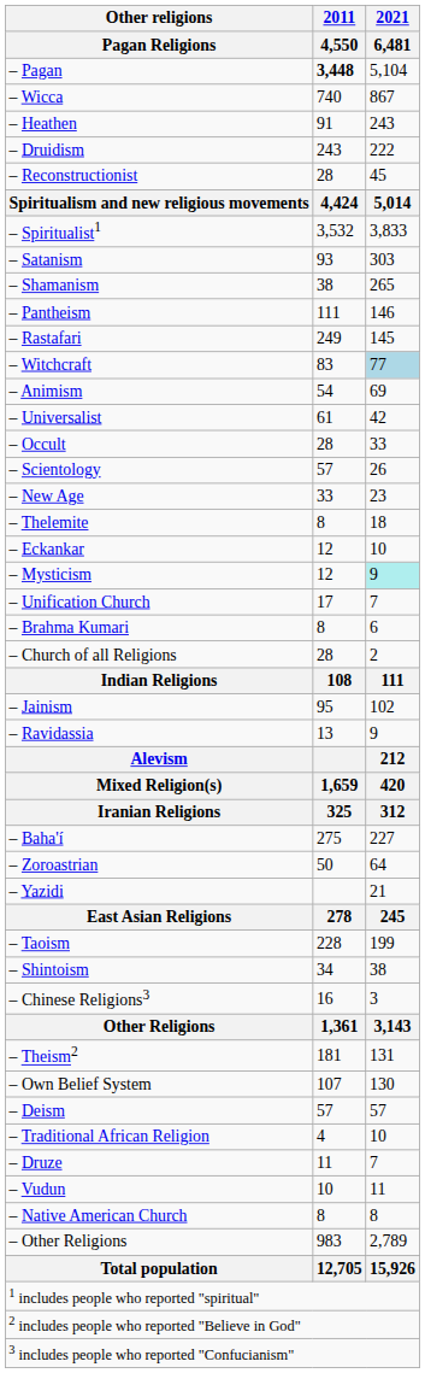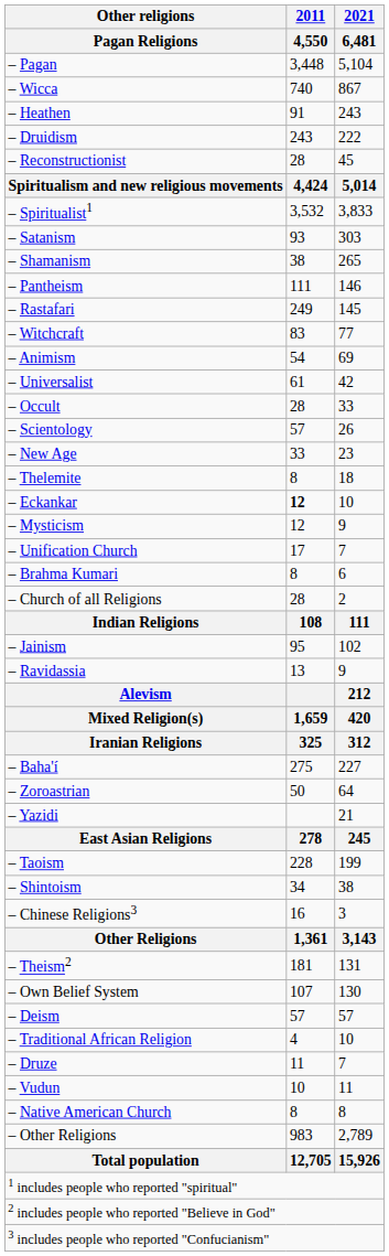 <table class="wikitable">
 <tr>
 <th>Other religions</th>
 <th><a href='#'>2011</a></th>
 <th><a href='#'>2021</a></th>
 </tr>
 <tr>
 <th align=left>Pagan Religions</th>
 <th>4,550</th>
 <th>6,481</th>
 </tr>
 <tr>
 <td align=left>– <a href='#'>Pagan</a></td>
-<td><strong>3,448</strong></td>
+<td>3,448</td>
 <td>5,104</td>
 </tr>
 <tr>
 <td align=left>– <a href='#'>Wicca</a></td>
 <td>740</td>
 <td>867</td>
 </tr>
 <tr>
 <td align=left>– <a href='#'>Heathen</a></td>
 <td>91</td>
 <td>243</td>
 </tr>
 <tr>
 <td align=left>– <a href='#'>Druidism</a></td>
 <td>243</td>
 <td>222</td>
 </tr>
 <tr>
 <td align=left>– <a href='#'>Reconstructionist</a></td>
 <td>28</td>
 <td>45</td>
 </tr>
 <tr>
 <th align=left>Spiritualism and new religious movements</th>
 <th>4,424</th>
 <th>5,014</th>
 </tr>
 <tr>
 <td align=left>– <a href='#'>Spiritualist</a><sup>1</sup></td>
 <td>3,532</td>
 <td>3,833</td>
 </tr>
 <tr>
 <td align=left>– <a href='#'>Satanism</a></td>
 <td>93</td>
 <td>303</td>
 </tr>
 <tr>
 <td align=left>– <a href='#'>Shamanism</a></td>
 <td>38</td>
 <td>265</td>
 </tr>
 <tr>
 <td align=left>– <a href='#'>Pantheism</a></td>
 <td>111</td>
 <td>146</td>
 </tr>
 <tr>
 <td align=left>– <a href='#'>Rastafari</a></td>
 <td>249</td>
 <td>145</td>
 </tr>
 <tr>
 <td align=left>– <a href='#'>Witchcraft</a></td>
 <td>83</td>
-<td style="background: lightblue;">77</td>
+<td>77</td>
 </tr>
 <tr>
 <td align=left>– <a href='#'>Animism</a></td>
 <td>54</td>
 <td>69</td>
 </tr>
 <tr>
 <td align=left>– <a href='#'>Universalist</a></td>
 <td>61</td>
 <td>42</td>
 </tr>
 <tr>
 <td align=left>– <a href='#'>Occult</a></td>
 <td>28</td>
 <td>33</td>
 </tr>
 <tr>
 <td align=left>– <a href='#'>Scientology</a></td>
 <td>57</td>
 <td>26</td>
 </tr>
 <tr>
 <td align=left>– <a href='#'>New Age</a></td>
 <td>33</td>
 <td>23</td>
 </tr>
 <tr>
 <td align=left>– <a href='#'>Thelemite</a></td>
 <td>8</td>
 <td>18</td>
 </tr>
 <tr>
 <td align=left>– <a href='#'>Eckankar</a></td>
-<td>12</td>
+<td><strong>12</strong></td>
 <td>10</td>
 </tr>
 <tr>
 <td align=left>– <a href='#'>Mysticism</a></td>
 <td>12</td>
-<td style="background: paleturquoise;">9</td>
+<td>9</td>
 </tr>
 <tr>
 <td align=left>– <a href='#'>Unification Church</a></td>
 <td>17</td>
 <td>7</td>
 </tr>
 <tr>
 <td align=left>– <a href='#'>Brahma Kumari</a></td>
 <td>8</td>
 <td>6</td>
 </tr>
 <tr>
 <td align=left>– Church of all Religions</td>
 <td>28</td>
 <td>2</td>
 </tr>
 <tr>
 <th align=left>Indian Religions</th>
 <th>108</th>
 <th>111</th>
 </tr>
 <tr>
 <td align=left>– <a href='#'>Jainism</a></td>
 <td>95</td>
 <td>102</td>
 </tr>
 <tr>
 <td align=left>– <a href='#'>Ravidassia</a></td>
 <td>13</td>
 <td>9</td>
 </tr>
 <tr>
 <th align=left><a href='#'>Alevism</a></th>
 <th></th>
 <th>212</th>
 </tr>
 <tr>
 <th align=left>Mixed Religion(s)</th>
 <th>1,659</th>
 <th>420</th>
 </tr>
 <tr>
 <th align=left>Iranian Religions</th>
 <th>325</th>
 <th>312</th>
 </tr>
 <tr>
 <td align=left>– <a href='#'>Baha'í</a></td>
 <td>275</td>
 <td>227</td>
 </tr>
 <tr>
 <td align=left>– <a href='#'>Zoroastrian</a></td>
 <td>50</td>
 <td>64</td>
 </tr>
 <tr>
 <td align=left>– <a href='#'>Yazidi</a></td>
 <td></td>
 <td>21</td>
 </tr>
 <tr>
 <th align=left>East Asian Religions</th>
 <th>278</th>
 <th>245</th>
 </tr>
 <tr>
 <td align=left>– <a href='#'>Taoism</a></td>
 <td>228</td>
 <td>199</td>
 </tr>
 <tr>
 <td align=left>– <a href='#'>Shintoism</a></td>
 <td>34</td>
 <td>38</td>
 </tr>
 <tr>
 <td align=left>– Chinese Religions<sup>3</sup></td>
 <td>16</td>
 <td>3</td>
 </tr>
 <tr>
 <th align=left>Other Religions</th>
 <th>1,361</th>
 <th>3,143</th>
 </tr>
 <tr>
 <td align=left>– <a href='#'>Theism</a><sup>2</sup></td>
 <td>181</td>
 <td>131</td>
 </tr>
 <tr>
 <td align=left>– Own Belief System</td>
 <td>107</td>
 <td>130</td>
 </tr>
 <tr>
 <td align=left>– <a href='#'>Deism</a></td>
 <td>57</td>
 <td>57</td>
 </tr>
 <tr>
 <td align=left>– <a href='#'>Traditional African Religion</a></td>
 <td>4</td>
 <td>10</td>
 </tr>
 <tr>
 <td align=left>– <a href='#'>Druze</a></td>
 <td>11</td>
 <td>7</td>
 </tr>
 <tr>
 <td align=left>– <a href='#'>Vudun</a></td>
 <td>10</td>
 <td>11</td>
 </tr>
 <tr>
 <td align=left>– <a href='#'>Native American Church</a></td>
 <td>8</td>
 <td>8</td>
 </tr>
 <tr>
 <td align=left>– Other Religions</td>
 <td>983</td>
 <td>2,789</td>
 </tr>
 <tr>
 <th>Total population</th>
 <th align=right>12,705</th>
 <th align=right>15,926</th>
 </tr>
 <tr>
 <td colspan="7" style="text-align:left; font-size:90%;"><sup>1</sup> includes people who reported "spiritual"</td>
 </tr>
 <tr>
 <td colspan="7" style="text-align:left; font-size:90%;"><sup>2</sup> includes people who reported "Believe in God"</td>
 </tr>
 <tr>
 <td colspan="7" style="text-align:left; font-size:90%;"><sup>3</sup> includes people who reported "Confucianism"</td>
 </tr>
 </table>
